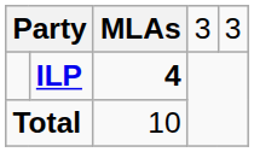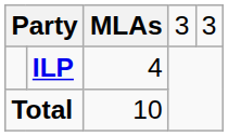 <table class="wikitable" style="text-align:right;">
 <tr>
 <th colspan="2">Party</th>
 <th>MLAs<br></th>
 <td>3<br></td>
 <td>3</td>
 </tr>
 <tr>
 <td> </td>
 <td style="text-align:left;"><strong><a href='#'>ILP</a></strong></td>
-<td><strong>4</strong></td>
+<td>4</td>
 </tr>
 <tr>
 <td colspan="2" style="text-align:left;"><strong>Total</strong></td>
 <td>10</td>
 </tr>
 </table>
